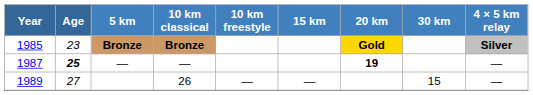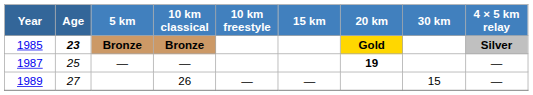 <table class="wikitable" style="font-size:95%; text-align:center; border:grey solid 1px; border-collapse:collapse; background:#ffffff;">
 <tr>
 <th style="background-color:#369; color:white; width:60px;"> Year </th>
 <th style="background-color:#369; color:white; width:40px;"> Age </th>
 <th style="background-color:#4180be; color:white; width:75px;"> 5 km </th>
 <th style="background-color:#4180be; color:white; width:75px;"> 10 km <br> classical </th>
 <th style="background-color:#4180be; color:white; width:75px;"> 10 km <br> freestyle </th>
 <th style="background-color:#4180be; color:white; width:75px;"> 15 km </th>
 <th style="background-color:#4180be; color:white; width:75px;"> 20 km </th>
 <th style="background-color:#4180be; color:white; width:75px;"> 30 km </th>
 <th style="background-color:#4180be; color:white; width:75px;"> 4 × 5 km <br> relay </th>
 </tr>
 <tr>
 <td><a href='#'>1985</a></td>
-<td><em>23</em></td>
+<td><strong><em>23</em></strong></td>
 <td bgcolor="cc9966"><strong>Bronze</strong></td>
 <td bgcolor="cc9966"><strong>Bronze</strong></td>
 <td></td>
 <td></td>
 <td style="background:gold;"><strong>Gold</strong></td>
 <td></td>
 <td style="background:silver;"><strong>Silver</strong></td>
 </tr>
 <tr>
 <td><a href='#'>1987</a></td>
-<td><strong><em>25</em></strong></td>
+<td><em>25</em></td>
 <td>—</td>
 <td>—</td>
 <td></td>
 <td></td>
 <td><strong>19</strong></td>
 <td></td>
 <td>—</td>
 </tr>
 <tr>
 <td><a href='#'>1989</a></td>
 <td><em>27</em></td>
 <td></td>
 <td>26</td>
 <td>—</td>
 <td>—</td>
 <td></td>
 <td>15</td>
 <td>—</td>
 </tr>
 <tr>
 </tr>
 </table>
